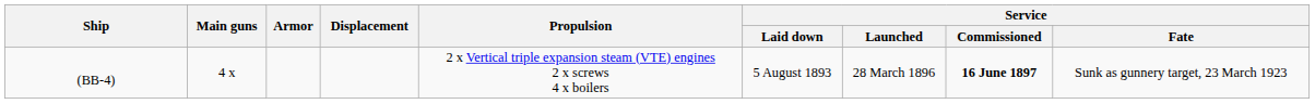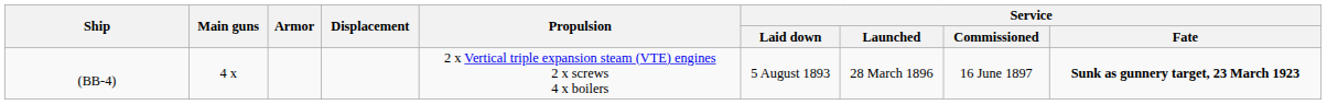 <table class="wikitable" style="width:98%;">
 <tr valign="center">
 <th scope="col" rowspan="2" style="text-align:center; width:14%;">Ship</th>
 <th scope="col" style="text-align:center;" rowspan="2">Main guns</th>
 <th scope="col" style="text-align:center;" rowspan="2">Armor</th>
 <th scope="col" style="text-align:center;" rowspan="2">Displacement</th>
 <th scope="col" style="text-align:center;" rowspan="2">Propulsion</th>
 <th scope="col" style="text-align:center;" colspan="4">Service</th>
 </tr>
 <tr valign="top">
 <th scope="col" style="text-align:center;">Laid down</th>
 <th scope="col" style="text-align:center;">Launched</th>
 <th scope="col" style="text-align:center;">Commissioned</th>
 <th scope="col" style="text-align:center;">Fate</th>
 </tr>
 <tr>
 <td align=center><br>(BB-4)</td>
 <td style="text-align:center">4 x </td>
 <td style="text-align:center"></td>
 <td style="text-align:center"></td>
 <td style="text-align:center">2 x <a href='#'>Vertical triple expansion steam (VTE) engines</a><br>2 x screws<br>4 x boilers</td>
 <td style="text-align:center">5 August 1893</td>
 <td style="text-align:center">28 March 1896</td>
-<td style="text-align:center"><strong>16 June 1897</strong></td>
-<td style="text-align:center">Sunk as gunnery target, 23 March 1923</td>
+<td style="text-align:center">16 June 1897</td>
+<td style="text-align:center"><strong>Sunk as gunnery target, 23 March 1923</strong></td>
 </tr>
 </table>
